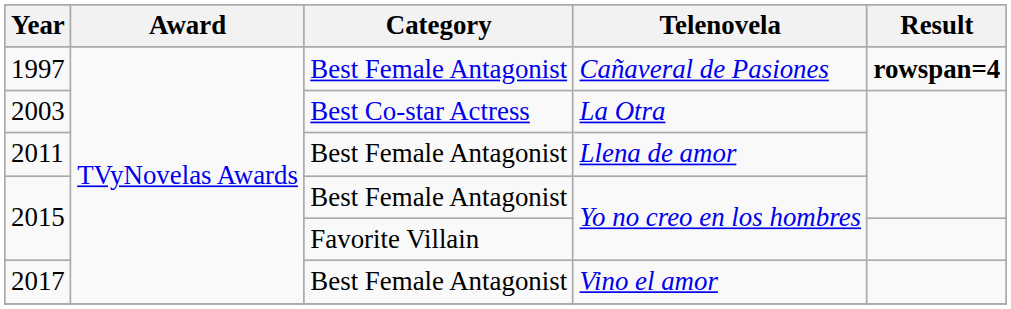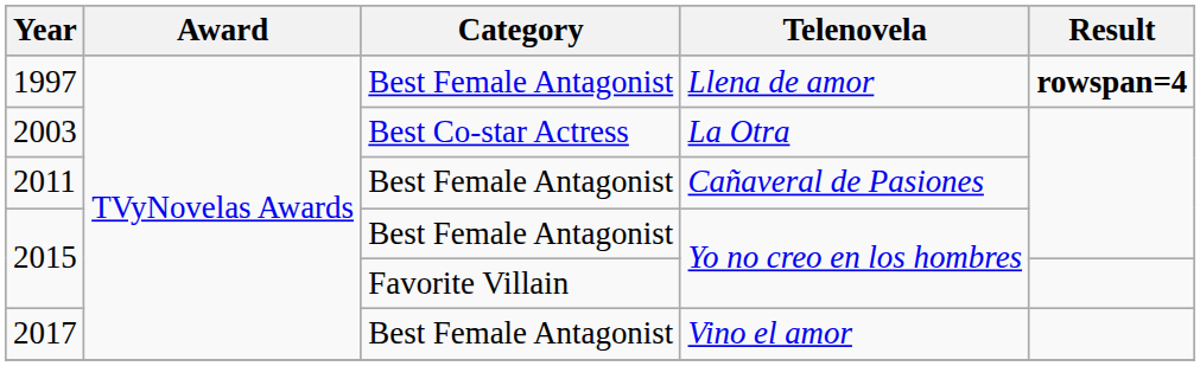 <table class="wikitable">
 <tr style="background:#b0c4de;">
 <th>Year</th>
 <th>Award</th>
 <th>Category</th>
 <th>Telenovela</th>
 <th>Result</th>
 </tr>
 <tr>
 <td>1997</td>
 <td rowspan="6"><a href='#'>TVyNovelas Awards</a></td>
 <td><a href='#'>Best Female Antagonist</a></td>
-<td><em><a href='#'>Cañaveral de Pasiones</a></em></td>
+<td><em><a href='#'>Llena de amor</a></em></td>
 <td><strong>rowspan=4 </strong></td>
 </tr>
 <tr>
 <td>2003</td>
 <td><a href='#'>Best Co-star Actress</a></td>
 <td><em><a href='#'>La Otra</a></em></td>
 </tr>
 <tr>
 <td>2011</td>
 <td>Best Female Antagonist</td>
-<td><em><a href='#'>Llena de amor</a></em></td>
+<td><em><a href='#'>Cañaveral de Pasiones</a></em></td>
 </tr>
 <tr>
 <td rowspan=2>2015</td>
 <td>Best Female Antagonist</td>
 <td rowspan="2"><em><a href='#'>Yo no creo en los hombres</a></em></td>
 </tr>
 <tr>
 <td>Favorite Villain</td>
 <td></td>
 </tr>
 <tr>
 <td>2017</td>
 <td>Best Female Antagonist</td>
 <td><em><a href='#'>Vino el amor</a></em></td>
 <td></td>
 </tr>
 <tr>
 </tr>
 </table>
